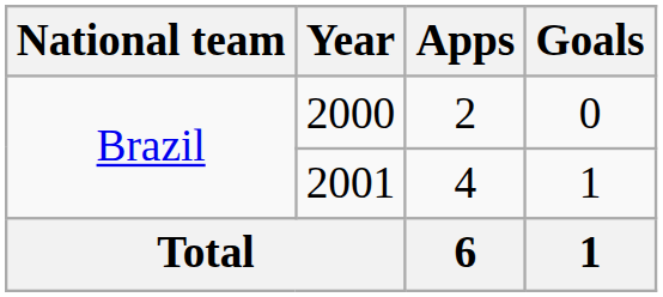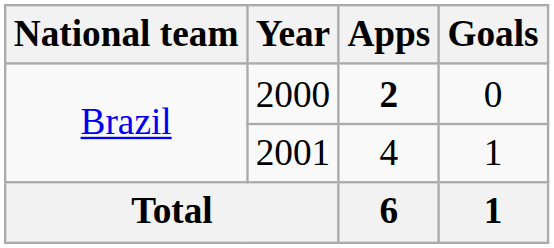 <table class="wikitable" style="text-align:center">
 <tr>
 <th>National team</th>
 <th>Year</th>
 <th>Apps</th>
 <th>Goals</th>
 </tr>
 <tr>
 <td rowspan="2"><a href='#'>Brazil</a></td>
 <td>2000</td>
-<td>2</td>
+<td><strong>2</strong></td>
 <td>0</td>
 </tr>
 <tr>
 <td>2001</td>
 <td>4</td>
 <td>1</td>
 </tr>
 <tr>
 <th colspan="2">Total</th>
 <th>6</th>
 <th>1</th>
 </tr>
 </table>
